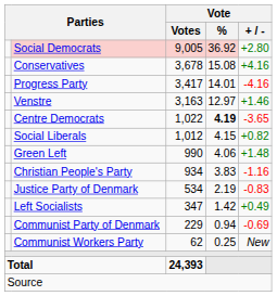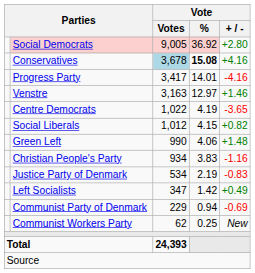 <table class="wikitable" style="text-align:right;">
 <tr>
 <th style="text-align:centre;" rowspan="2" colspan="2" width="225">Parties</th>
 <th colspan="3">Vote</th>
 </tr>
 <tr>
 <th width="15">Votes</th>
 <th width="15">%</th>
 <th width="15">+ / -</th>
 </tr>
 <tr>
 <td width="2" style="color:inherit;background:"></td>
 <td bgcolor=#fbd0ce  align="left"><a href='#'>Social Democrats</a></td>
 <td bgcolor=#fbd0ce>9,005</td>
 <td bgcolor=#fbd0ce>36.92</td>
 <td style=color:green;>+2.80</td>
 </tr>
 <tr>
 <td width="2" style="color:inherit;background:"></td>
 <td align="left"><a href='#'>Conservatives</a></td>
-<td>3,678</td>
-<td>15.08</td>
+<td style="background: lightblue;">3,678</td>
+<td><strong>15.08</strong></td>
 <td style=color:green;>+4.16</td>
 </tr>
 <tr>
 <td width="2" style="color:inherit;background:"></td>
 <td align="left"><a href='#'>Progress Party</a></td>
 <td>3,417</td>
 <td>14.01</td>
 <td style=color:red;>-4.16</td>
 </tr>
 <tr>
 <td width="2" style="color:inherit;background:"></td>
 <td align="left"><a href='#'>Venstre</a></td>
 <td>3,163</td>
 <td>12.97</td>
 <td style=color:green;>+1.46</td>
 </tr>
 <tr>
 <td width="2" style="color:inherit;background:"></td>
 <td align="left"><a href='#'>Centre Democrats</a></td>
 <td>1,022</td>
-<td><strong>4.19</strong></td>
+<td>4.19</td>
 <td style=color:red;>-3.65</td>
 </tr>
 <tr>
 <td width="2" style="color:inherit;background:"></td>
 <td align="left"><a href='#'>Social Liberals</a></td>
 <td>1,012</td>
 <td>4.15</td>
 <td style=color:green;>+0.82</td>
 </tr>
 <tr>
 <td width="2" style="color:inherit;background:"></td>
 <td align="left"><a href='#'>Green Left</a></td>
 <td>990</td>
 <td>4.06</td>
 <td style=color:green;>+1.48</td>
 </tr>
 <tr>
 <td width="2" style="color:inherit;background:"></td>
 <td align="left"><a href='#'>Christian People's Party</a></td>
 <td>934</td>
 <td>3.83</td>
 <td style=color:red;>-1.16</td>
 </tr>
 <tr>
 <td width="2" style="color:inherit;background:"></td>
 <td align="left"><a href='#'>Justice Party of Denmark</a></td>
 <td>534</td>
 <td>2.19</td>
 <td style=color:red;>-0.83</td>
 </tr>
 <tr>
 <td width="2" style="color:inherit;background:"></td>
 <td align="left"><a href='#'>Left Socialists</a></td>
 <td>347</td>
 <td>1.42</td>
 <td style=color:green;>+0.49</td>
 </tr>
 <tr>
 <td width="2" style="color:inherit;background:"></td>
 <td align="left"><a href='#'>Communist Party of Denmark</a></td>
 <td>229</td>
 <td>0.94</td>
 <td style=color:red;>-0.69</td>
 </tr>
 <tr>
 <td width="2" style="color:inherit;background:"></td>
 <td align="left"><a href='#'>Communist Workers Party</a></td>
 <td>62</td>
 <td>0.25</td>
 <td><em>New</em></td>
 </tr>
 <tr>
 <td colspan="7" bgcolor="#E9E9E9"></td>
 </tr>
 <tr>
 <td align="left" colspan="2"><strong>Total</strong></td>
 <td><strong>24,393</strong></td>
 <td bgcolor="#E9E9E9" colspan="2"></td>
 </tr>
 <tr>
 <td align="left" colspan="6">Source</td>
 </tr>
 </table>
